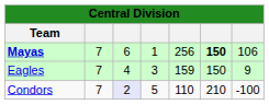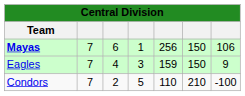 <table class="wikitable">
 <tr>
 <th colspan="11" style="background-color: ForestGreen;"><span>Central Division</span></th>
 </tr>
 <tr>
 <th width=100>Team</th>
 <th width=30></th>
 <th width=30></th>
 <th width=30></th>
 <th width=35></th>
 <th width=35></th>
 <th width=35></th>
 </tr>
 <tr style="text-align:center;background:#ccffcc;">
 <td style="text-align:left;"><strong><a href='#'>Mayas</a></strong></td>
 <td>7</td>
 <td>6</td>
 <td>1</td>
 <td>256</td>
-<td><strong>150</strong></td>
+<td>150</td>
 <td>106</td>
 </tr>
 <tr style="text-align:center;background:#ccffcc;">
 <td style="text-align:left;"><a href='#'>Eagles</a></td>
 <td>7</td>
 <td>4</td>
 <td>3</td>
 <td>159</td>
 <td>150</td>
 <td>9</td>
 </tr>
 <tr style="text-align:center;">
 <td style="text-align:left;"><a href='#'>Condors</a></td>
 <td>7</td>
-<td style="background: lavender;">2</td>
+<td>2</td>
 <td>5</td>
 <td>110</td>
 <td>210</td>
 <td>-100</td>
 </tr>
 </table>
